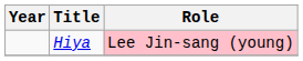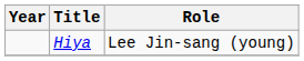 <table class="wikitable">
 <tr>
 <th>Year</th>
 <th>Title</th>
 <th>Role</th>
 </tr>
 <tr>
 <td></td>
 <td><em><a href='#'>Hiya</a></em></td>
-<td style="background: pink;">Lee Jin-sang (young)</td>
+<td>Lee Jin-sang (young)</td>
 </tr>
 <tr>
 </tr>
 </table>
